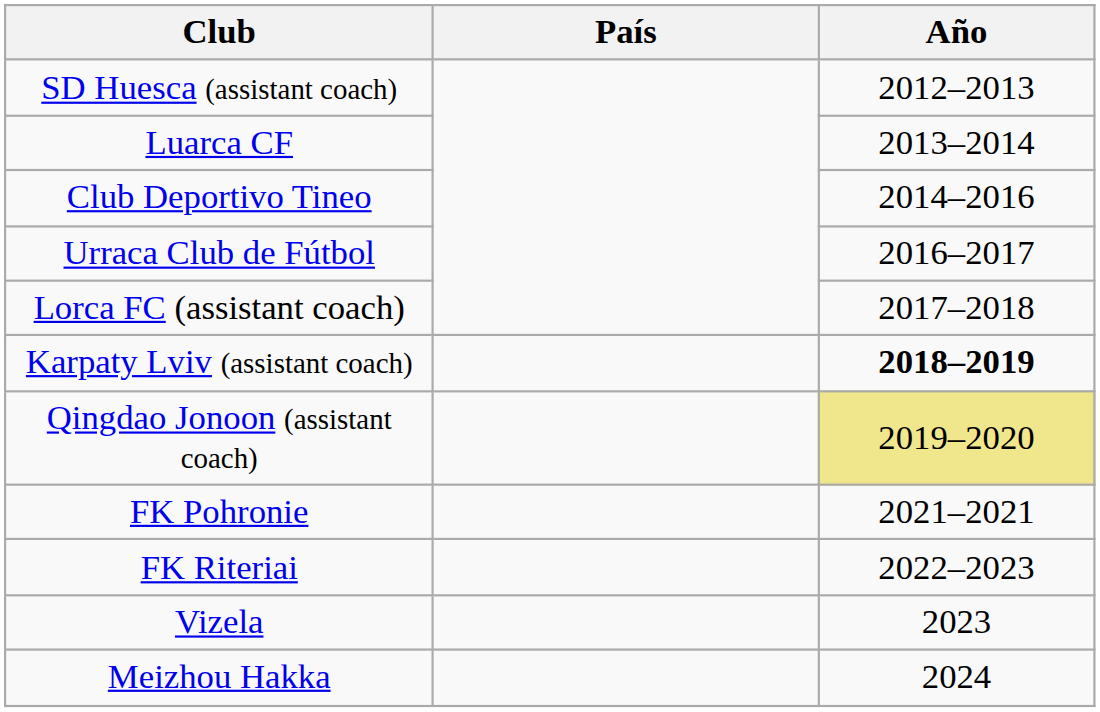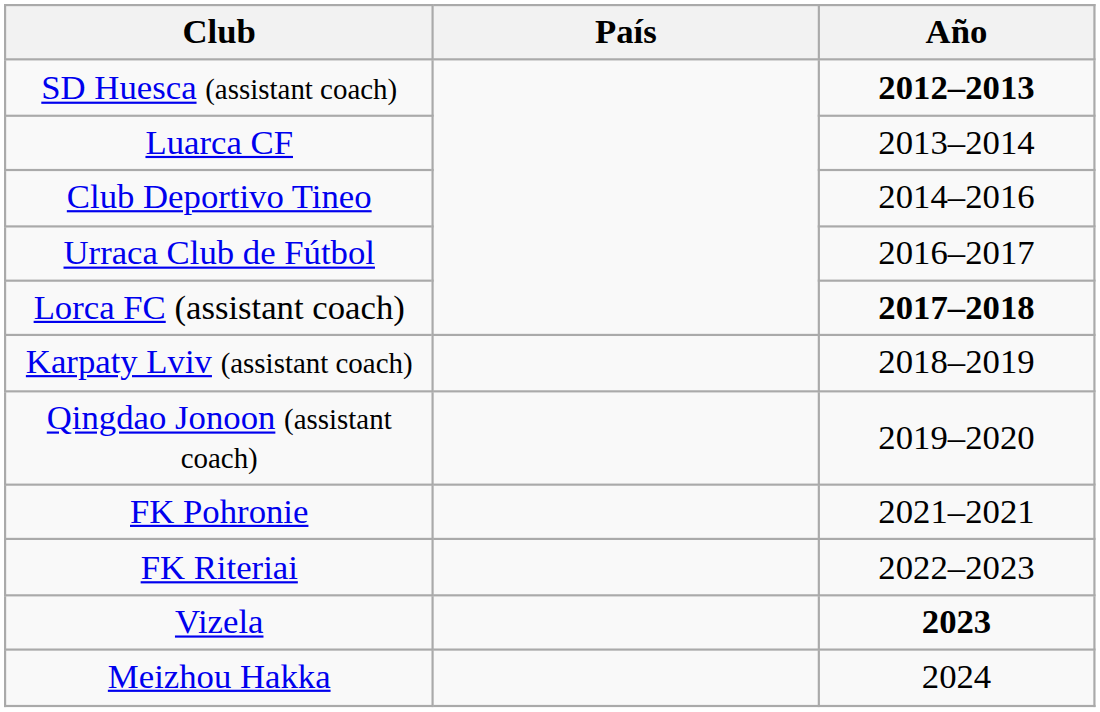 <table class="wikitable center" style="text-align:center">
 <tr>
 <th width="190">Club</th>
 <th width="170">País</th>
 <th width="120">Año</th>
 </tr>
 <tr align=center>
 <td><a href='#'>SD Huesca</a> <small>(assistant coach)</small></td>
 <td rowspan="5"></td>
-<td>2012–2013</td>
+<td><strong>2012–2013</strong></td>
 </tr>
 <tr align=center>
 <td><a href='#'>Luarca CF</a></td>
 <td>2013–2014</td>
 </tr>
 <tr align=center>
 <td><a href='#'>Club Deportivo Tineo</a></td>
 <td>2014–2016</td>
 </tr>
 <tr align=center>
 <td><a href='#'>Urraca Club de Fútbol</a></td>
 <td>2016–2017</td>
 </tr>
 <tr align=center>
 <td><a href='#'>Lorca FC</a> (assistant coach)</td>
-<td>2017–2018</td>
+<td><strong>2017–2018</strong></td>
 </tr>
 <tr align=center>
 <td><a href='#'>Karpaty Lviv</a> <small>(assistant coach)</small></td>
 <td></td>
-<td><strong>2018–2019</strong></td>
+<td>2018–2019</td>
 </tr>
 <tr align=center>
 <td><a href='#'>Qingdao Jonoon</a> <small>(assistant coach)</small></td>
 <td></td>
-<td style="background: khaki;">2019–2020</td>
+<td>2019–2020</td>
 </tr>
 <tr align=center>
 <td><a href='#'>FK Pohronie</a></td>
 <td></td>
 <td>2021–2021</td>
 </tr>
 <tr align=center>
 <td><a href='#'>FK Riteriai</a></td>
 <td></td>
 <td>2022–2023</td>
 </tr>
 <tr align=center>
 <td><a href='#'>Vizela</a></td>
 <td></td>
-<td>2023</td>
+<td><strong>2023</strong></td>
 </tr>
 <tr align=center>
 <td><a href='#'>Meizhou Hakka</a></td>
 <td></td>
 <td>2024</td>
 </tr>
 </table>
